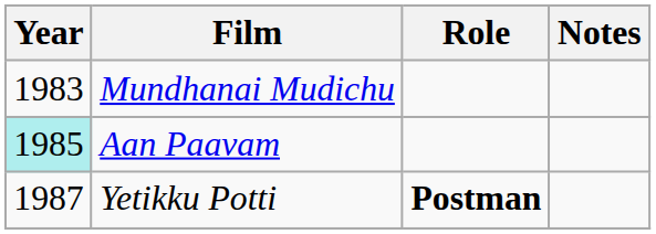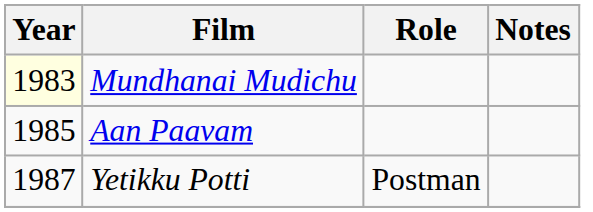 <table class="wikitable sortable">
 <tr>
 <th>Year</th>
 <th>Film</th>
 <th>Role</th>
 <th>Notes</th>
 </tr>
 <tr>
-<td>1983</td>
+<td style="background: lightyellow;">1983</td>
 <td><em><a href='#'>Mundhanai Mudichu</a></em></td>
 <td></td>
 <td></td>
 </tr>
 <tr>
-<td style="background: paleturquoise;">1985</td>
+<td>1985</td>
 <td><em><a href='#'>Aan Paavam</a></em></td>
 <td></td>
 <td></td>
 </tr>
 <tr>
 <td>1987</td>
 <td><em>Yetikku Potti</em></td>
-<td><strong>Postman</strong></td>
+<td>Postman</td>
 <td></td>
 </tr>
 <tr>
 </tr>
 </table>
